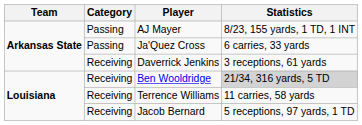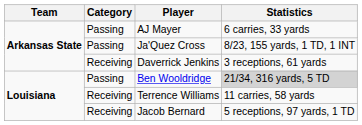 <table class="wikitable" style="float: left;">
 <tr>
 <th>Team</th>
 <th>Category</th>
 <th>Player</th>
 <th>Statistics</th>
 </tr>
 <tr>
 <td rowspan=3><strong>Arkansas State</strong></td>
 <td>Passing</td>
 <td>AJ Mayer</td>
-<td>8/23, 155 yards, 1 TD, 1 INT</td>
+<td>6 carries, 33 yards</td>
 </tr>
 <tr>
 <td>Passing</td>
 <td>Ja'Quez Cross</td>
-<td>6 carries, 33 yards</td>
+<td>8/23, 155 yards, 1 TD, 1 INT</td>
 </tr>
 <tr>
 <td>Receiving</td>
 <td>Daverrick Jenkins</td>
 <td>3 receptions, 61 yards</td>
 </tr>
 <tr>
 <td rowspan=3><strong>Louisiana</strong></td>
-<td>Receiving</td>
+<td>Passing</td>
 <td><a href='#'>Ben Wooldridge</a></td>
 <td style="background: lightgrey;">21/34, 316 yards, 5 TD</td>
 </tr>
 <tr>
 <td>Receiving</td>
 <td>Terrence Williams</td>
 <td>11 carries, 58 yards</td>
 </tr>
 <tr>
 <td>Receiving</td>
 <td>Jacob Bernard</td>
 <td>5 receptions, 97 yards, 1 TD</td>
 </tr>
 </table>
